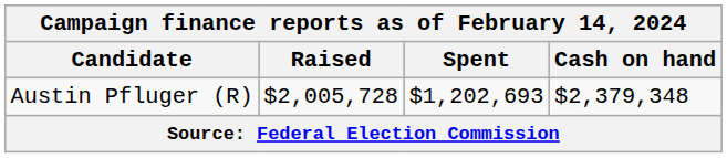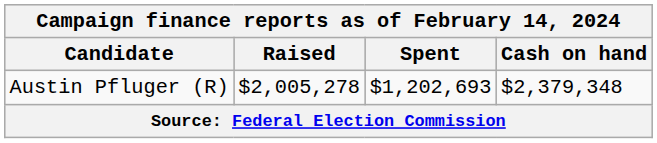 <table class="wikitable sortable">
 <tr>
 <th colspan=4>Campaign finance reports as of February 14, 2024</th>
 </tr>
 <tr style="text-align:center;">
 <th>Candidate</th>
 <th>Raised</th>
 <th>Spent</th>
 <th>Cash on hand</th>
 </tr>
 <tr>
 <td style="background-color:">Austin Pfluger (R)</td>
-<td>$2,005,728</td>
+<td>$2,005,278</td>
 <td>$1,202,693</td>
 <td>$2,379,348</td>
 </tr>
 <tr>
 <th colspan="4"><small>Source: <a href='#'>Federal Election Commission</a></small></th>
 </tr>
 </table>
